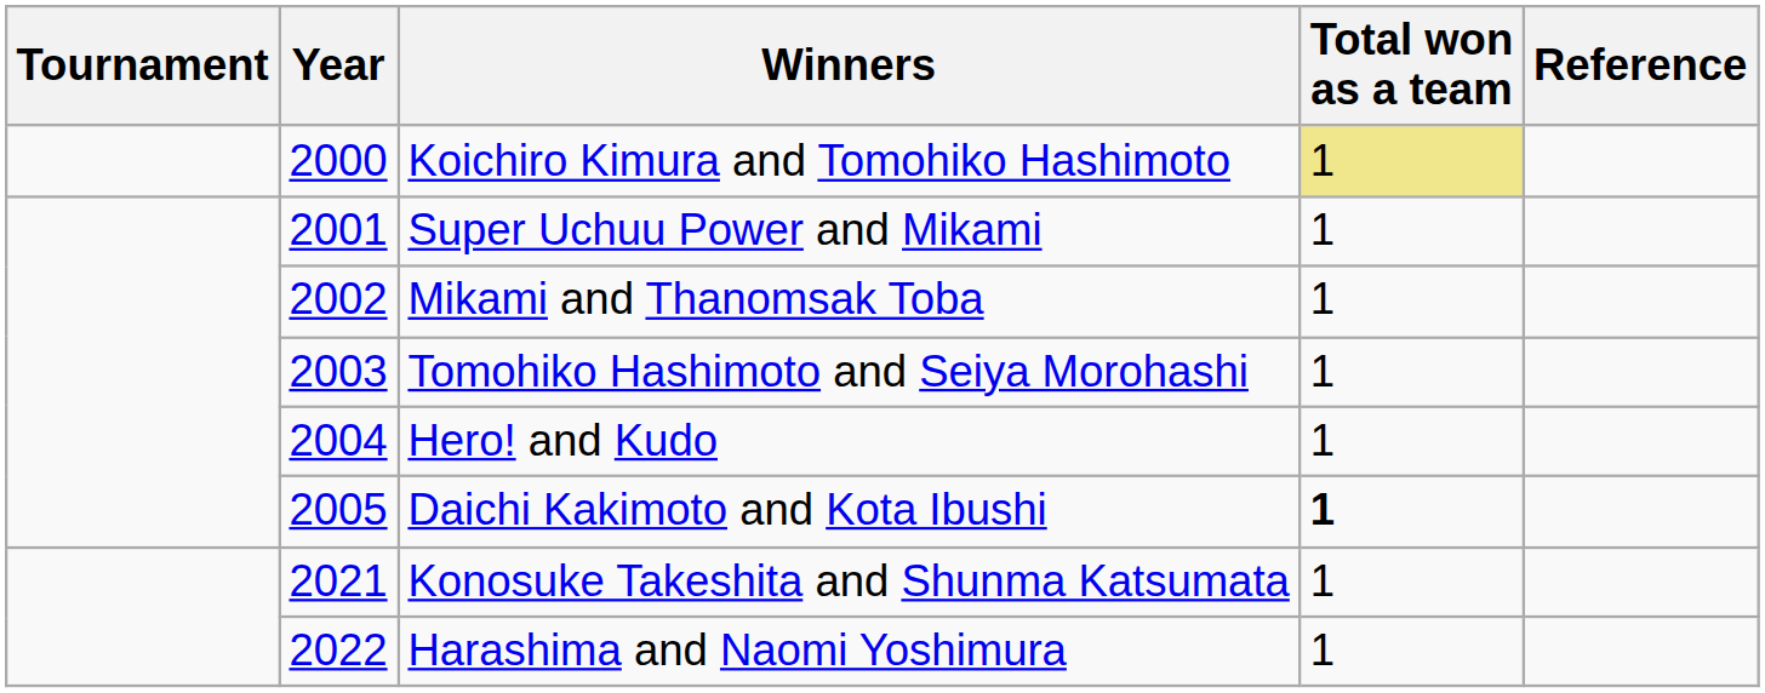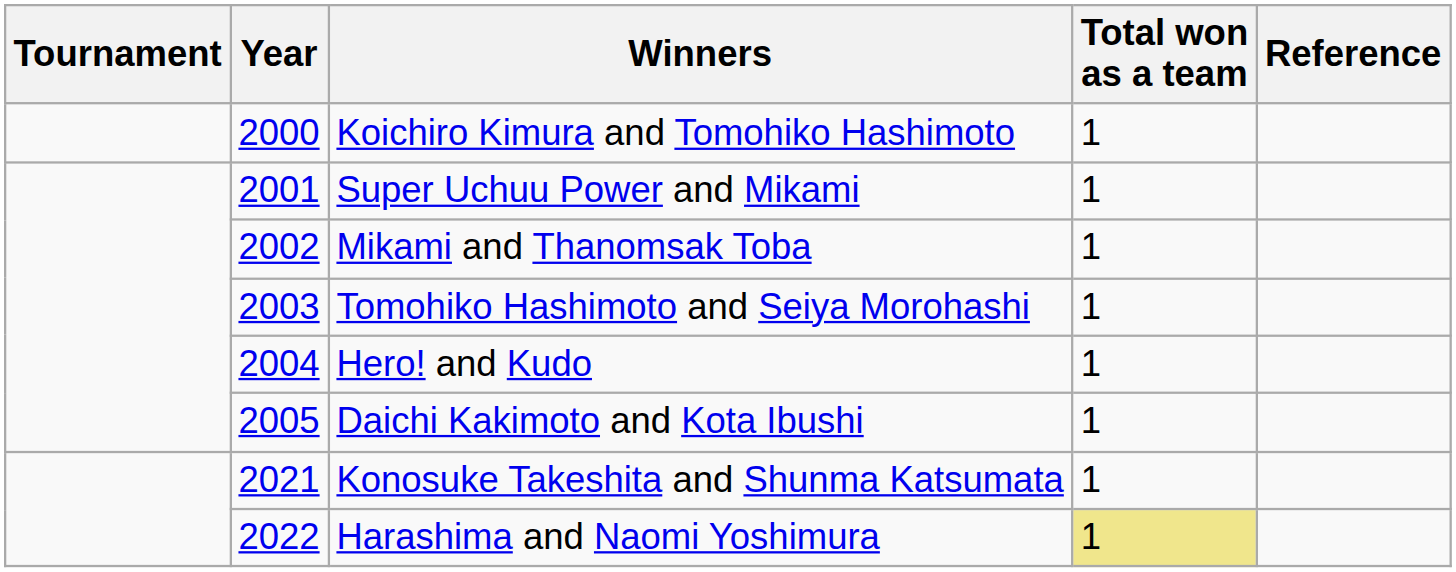 <table class="wikitable sortable">
 <tr>
 <th>Tournament</th>
 <th>Year</th>
 <th>Winners<br></th>
 <th>Total won<br>as a team</th>
 <th>Reference</th>
 </tr>
 <tr>
 <td></td>
 <td><a href='#'>2000</a></td>
 <td><a href='#'>Koichiro Kimura</a> and <a href='#'>Tomohiko Hashimoto</a></td>
-<td style="background: khaki;">1</td>
+<td>1</td>
 <td></td>
 </tr>
 <tr>
 <td rowspan="5"></td>
 <td><a href='#'>2001</a></td>
 <td><a href='#'>Super Uchuu Power</a>  and <a href='#'>Mikami</a></td>
 <td>1</td>
 <td></td>
 </tr>
 <tr>
 <td><a href='#'>2002</a></td>
 <td><a href='#'>Mikami</a>  and <a href='#'>Thanomsak Toba</a></td>
 <td>1</td>
 <td></td>
 </tr>
 <tr>
 <td><a href='#'>2003</a></td>
 <td><a href='#'>Tomohiko Hashimoto</a>  and <a href='#'>Seiya Morohashi</a></td>
 <td>1</td>
 <td></td>
 </tr>
 <tr>
 <td><a href='#'>2004</a></td>
 <td><a href='#'>Hero!</a> and <a href='#'>Kudo</a></td>
 <td>1</td>
 <td></td>
 </tr>
 <tr>
 <td><a href='#'>2005</a></td>
 <td><a href='#'>Daichi Kakimoto</a> and <a href='#'>Kota Ibushi</a></td>
-<td><strong>1</strong></td>
+<td>1</td>
 <td></td>
 </tr>
 <tr>
 <td rowspan="2"></td>
 <td><a href='#'>2021</a></td>
 <td><a href='#'>Konosuke Takeshita</a> and <a href='#'>Shunma Katsumata</a></td>
 <td>1</td>
 <td></td>
 </tr>
 <tr>
 <td><a href='#'>2022</a></td>
 <td><a href='#'>Harashima</a>  and <a href='#'>Naomi Yoshimura</a></td>
-<td>1</td>
+<td style="background: khaki;">1</td>
 <td></td>
 </tr>
 </table>
